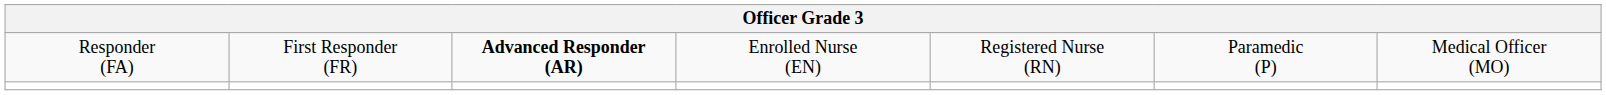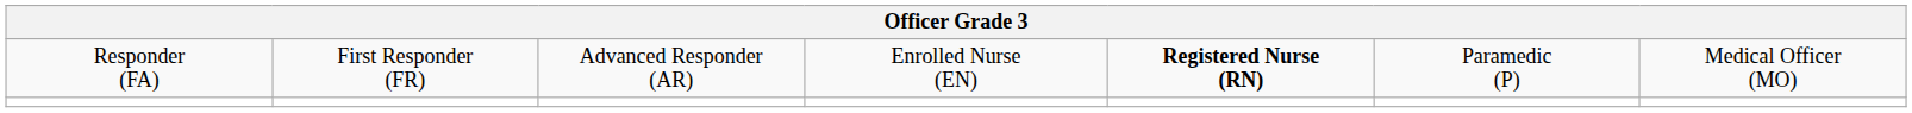 <table class="wikitable"  style="margin:0.5em auto; width:90%;">
 <tr>
 <th colspan=7>Officer Grade 3</th>
 </tr>
 <tr align=center>
 <td width="14%">Responder<br>(FA)</td>
 <td width="14%">First Responder<br>(FR)</td>
-<td width="14%"><strong>Advanced Responder<br>(AR)</strong></td>
+<td width="14%">Advanced Responder<br>(AR)</td>
 <td width="16%">Enrolled Nurse<br>(EN)</td>
-<td width="14%">Registered Nurse<br>(RN)</td>
+<td width="14%"><strong>Registered Nurse<br>(RN)</strong></td>
 <td width="14%">Paramedic<br>(P)</td>
 <td width="14%">Medical Officer<br>(MO)</td>
 </tr>
 <tr style="text-align:center; background: white;">
 <td></td>
 <td></td>
 <td></td>
 <td></td>
 <td></td>
 <td></td>
 <td></td>
 </tr>
 </table>
